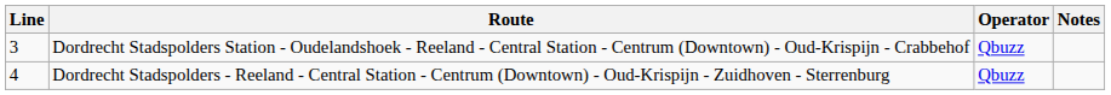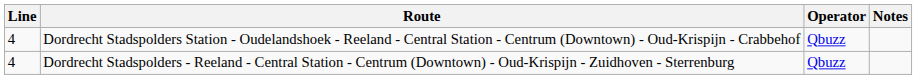 <table class="wikitable">
 <tr>
 <th>Line</th>
 <th>Route</th>
 <th>Operator</th>
 <th>Notes</th>
 </tr>
 <tr>
-<td>3</td>
+<td>4</td>
 <td>Dordrecht Stadspolders Station - Oudelandshoek - Reeland - Central Station - Centrum (Downtown) - Oud-Krispijn - Crabbehof</td>
 <td><a href='#'>Qbuzz</a></td>
 <td></td>
 </tr>
 <tr>
 <td>4</td>
 <td>Dordrecht Stadspolders - Reeland - Central Station - Centrum (Downtown) - Oud-Krispijn - Zuidhoven - Sterrenburg</td>
 <td><a href='#'>Qbuzz</a></td>
 <td></td>
 </tr>
 </table>
